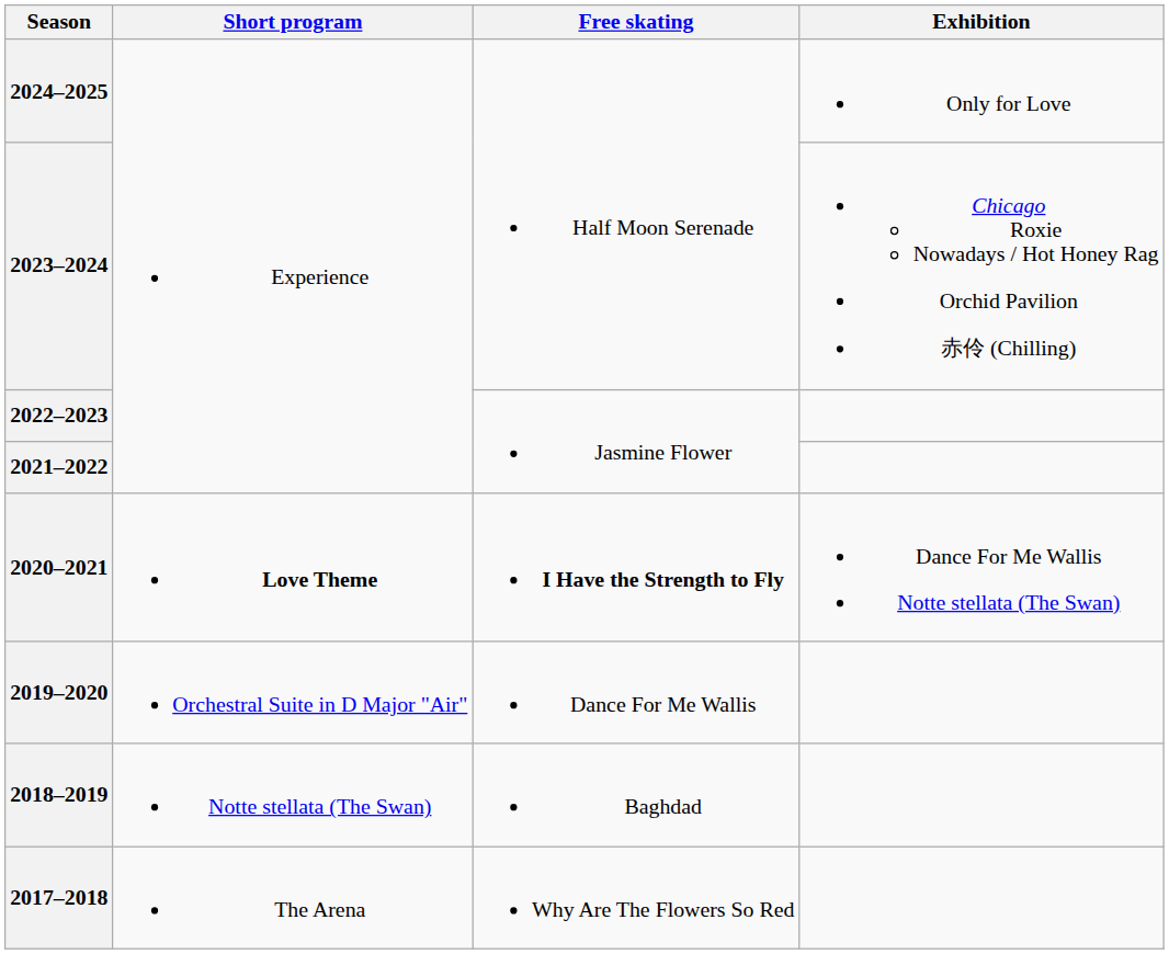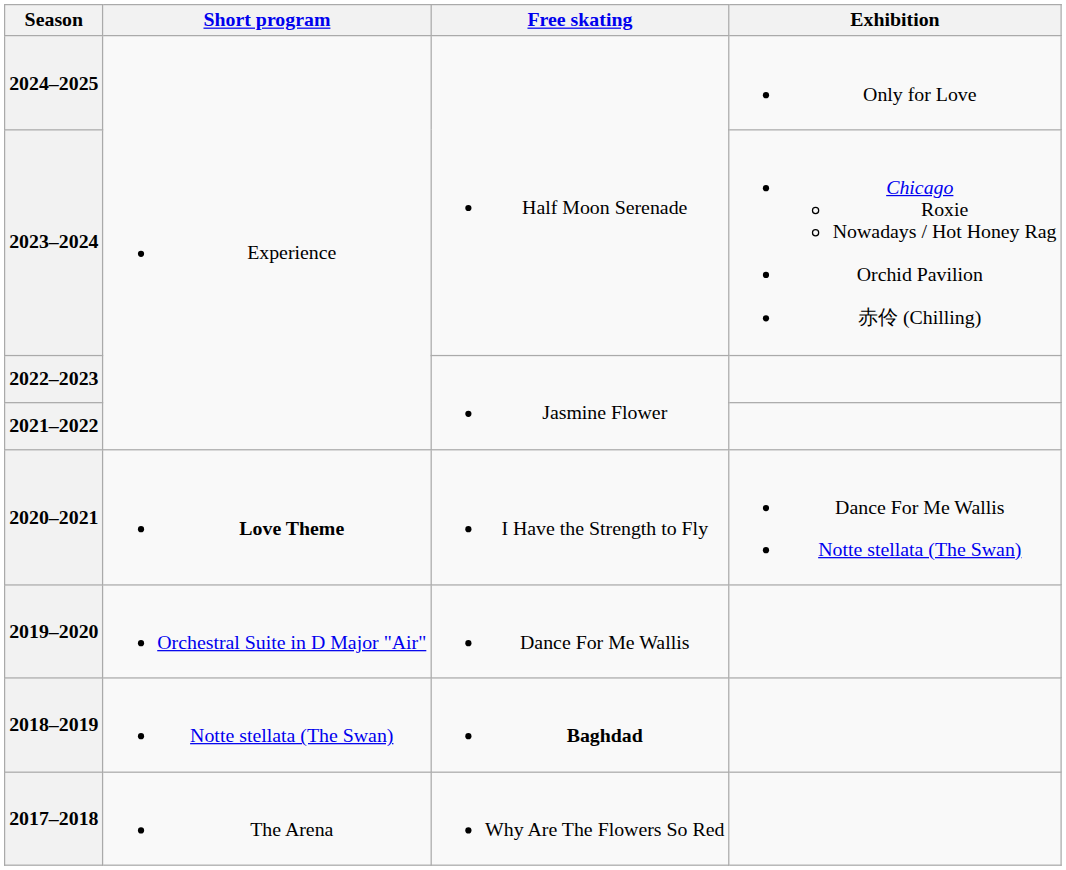 <table class=wikitable style=text-align:center>
 <tr>
 <th>Season</th>
 <th><a href='#'>Short program</a></th>
 <th><a href='#'>Free skating</a></th>
 <th>Exhibition</th>
 </tr>
 <tr>
 <th>2024–2025 <br> </th>
 <td rowspan=4><br><ul><li>Experience <br></li></ul></td>
 <td rowspan=2><br><ul><li>Half Moon Serenade <br></li></ul></td>
 <td><br><ul><li>Only for Love <br> </li></ul></td>
 </tr>
 <tr>
 <th>2023–2024 <br> </th>
 <td><br><ul><li><em><a href='#'>Chicago</a></em><ul><li>Roxie <br> </li><li>Nowadays / Hot Honey Rag <br> </li></ul></li></ul><ul><li>Orchid Pavilion <br></li></ul><ul><li>赤伶 (Chilling) <br></li></ul></td>
 </tr>
 <tr>
 <th>2022–2023 </th>
 <td rowspan=2><br><ul><li>Jasmine Flower <br></li></ul></td>
 <td></td>
 </tr>
 <tr>
 <th>2021–2022 <br> </th>
 <td></td>
 </tr>
 <tr>
 <th>2020–2021 <br> </th>
 <td><strong><br><ul><li>Love Theme <br></li></ul></strong></td>
-<td><strong><br><ul><li>I Have the Strength to Fly <br></li></ul></strong></td>
+<td><br><ul><li>I Have the Strength to Fly <br></li></ul></td>
 <td><br><ul><li>Dance For Me Wallis <br></li></ul><ul><li><a href='#'>Notte stellata (The Swan)</a> <br></li></ul></td>
 </tr>
 <tr>
 <th>2019–2020 <br> </th>
 <td><br><ul><li><a href='#'>Orchestral Suite in D Major "Air"</a> <br></li></ul></td>
 <td><br><ul><li>Dance For Me Wallis <br></li></ul></td>
 <td></td>
 </tr>
 <tr>
 <th>2018–2019 <br> </th>
 <td><br><ul><li><a href='#'>Notte stellata (The Swan)</a> <br></li></ul></td>
-<td><br><ul><li>Baghdad <br></li></ul></td>
+<td><strong><br><ul><li>Baghdad <br></li></ul></strong></td>
 <td></td>
 </tr>
 <tr>
 <th>2017–2018 <br> </th>
 <td><br><ul><li>The Arena <br></li></ul></td>
 <td><br><ul><li>Why Are The Flowers So Red</li></ul></td>
 <td></td>
 </tr>
 </table>
